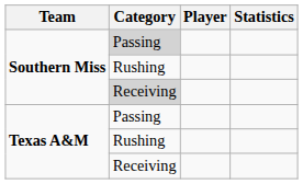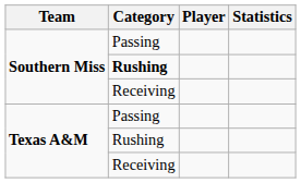 <table class="wikitable" style="float: right;">
 <tr>
 <th>Team</th>
 <th>Category</th>
 <th>Player</th>
 <th>Statistics</th>
 </tr>
 <tr>
 <td rowspan=3><strong>Southern Miss</strong></td>
-<td style="background: lightgrey;">Passing</td>
+<td>Passing</td>
 <td></td>
 <td></td>
 </tr>
 <tr>
-<td>Rushing</td>
+<td><strong>Rushing</strong></td>
 <td></td>
 <td></td>
 </tr>
 <tr>
-<td style="background: lightgrey;">Receiving</td>
+<td>Receiving</td>
 <td></td>
 <td></td>
 </tr>
 <tr>
 <td rowspan=3><strong>Texas A&M</strong></td>
 <td>Passing</td>
 <td></td>
 <td></td>
 </tr>
 <tr>
 <td>Rushing</td>
 <td></td>
 <td></td>
 </tr>
 <tr>
 <td>Receiving</td>
 <td></td>
 <td></td>
 </tr>
 </table>
